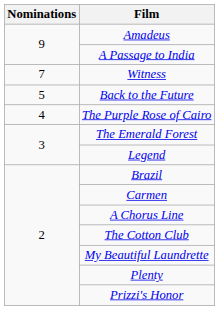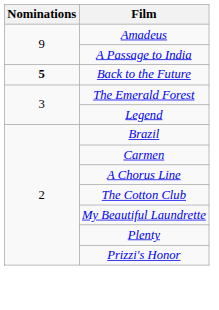 <table class="wikitable" style="text-align:center;">
 <tr>
 <th style="background:">Nominations</th>
 <th style="background:">Film</th>
 </tr>
 <tr>
 <td rowspan="2">9</td>
 <td><em><a href='#'>Amadeus</a></em></td>
 </tr>
 <tr>
 <td><em><a href='#'>A Passage to India</a></em></td>
 </tr>
 <tr>
-<td>7</td>
-<td><em><a href='#'>Witness</a></em></td>
-</tr>
-<tr>
-<td>5</td>
+<td><strong>5</strong></td>
 <td><em><a href='#'>Back to the Future</a></em></td>
-</tr>
-<tr>
-<td>4</td>
-<td><em><a href='#'>The Purple Rose of Cairo</a></em></td>
 </tr>
 <tr>
 <td rowspan="2">3</td>
 <td><em><a href='#'>The Emerald Forest</a></em></td>
 </tr>
 <tr>
 <td><em><a href='#'>Legend</a></em></td>
 </tr>
 <tr>
 <td rowspan="7">2</td>
 <td><em><a href='#'>Brazil</a></em></td>
 </tr>
 <tr>
 <td><em><a href='#'>Carmen</a></em></td>
 </tr>
 <tr>
 <td><em><a href='#'>A Chorus Line</a></em></td>
 </tr>
 <tr>
 <td><em><a href='#'>The Cotton Club</a></em></td>
 </tr>
 <tr>
 <td><em><a href='#'>My Beautiful Laundrette</a></em></td>
 </tr>
 <tr>
 <td><em><a href='#'>Plenty</a></em></td>
 </tr>
 <tr>
 <td><em><a href='#'>Prizzi's Honor</a></em></td>
 </tr>
 </table>
